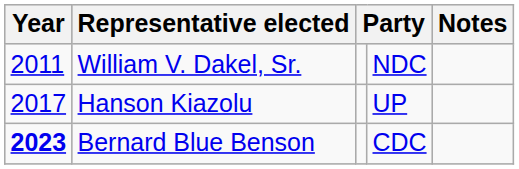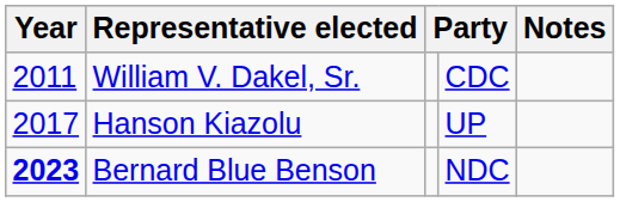 <table class="wikitable">
 <tr>
 <th>Year</th>
 <th>Representative elected</th>
 <th colspan=2>Party</th>
 <th>Notes</th>
 </tr>
 <tr>
 <td><a href='#'>2011</a></td>
 <td><a href='#'>William V. Dakel, Sr.</a></td>
 <td></td>
-<td><a href='#'>NDC</a></td>
+<td><a href='#'>CDC</a></td>
 <td></td>
 </tr>
 <tr>
 <td><a href='#'>2017</a></td>
 <td><a href='#'>Hanson Kiazolu</a></td>
 <td></td>
 <td><a href='#'>UP</a></td>
 <td></td>
 </tr>
 <tr>
 <td><strong><a href='#'>2023</a></strong></td>
 <td><a href='#'>Bernard Blue Benson</a></td>
 <td></td>
-<td><a href='#'>CDC</a></td>
+<td><a href='#'>NDC</a></td>
 <td></td>
 </tr>
 </table>
